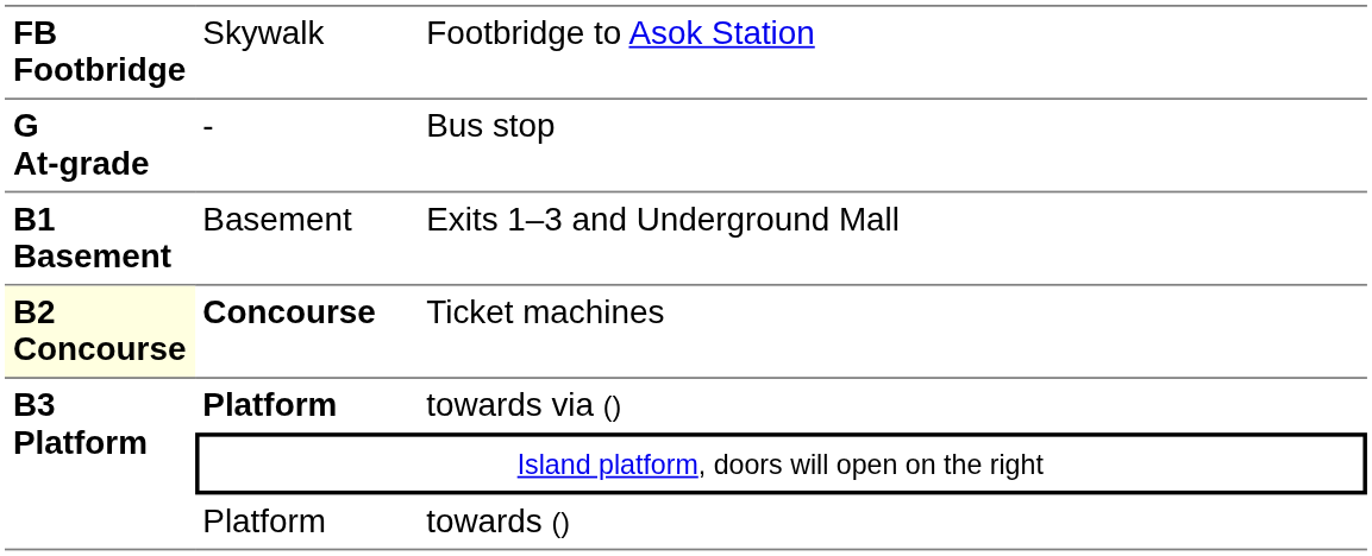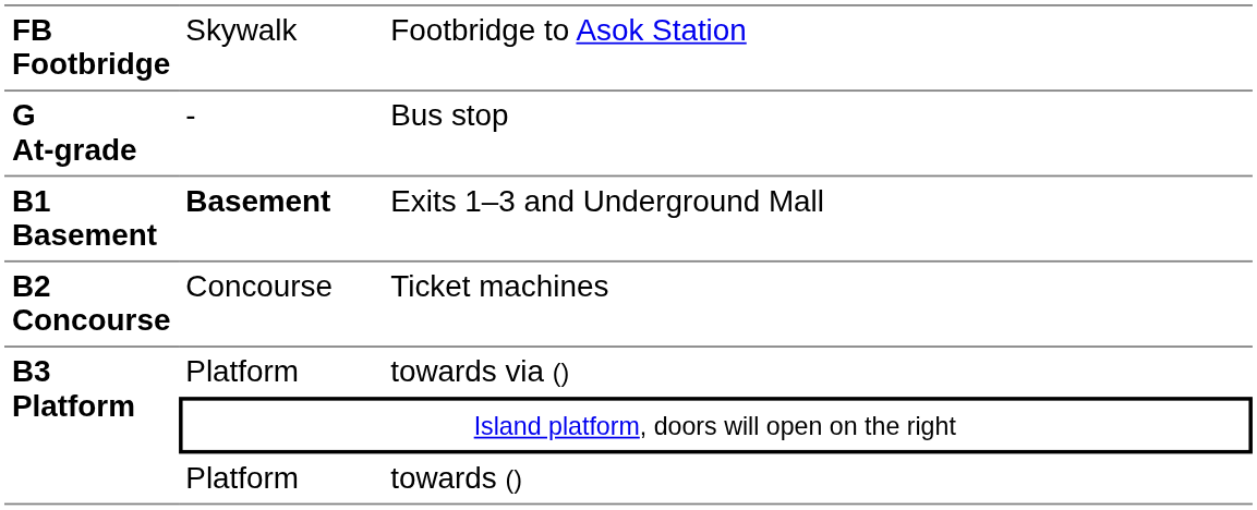 <table table border=0 cellspacing=0 cellpadding=4>
 <tr>
 <td style = "border-top:solid 1px gray;border-bottom:solid 1px gray;" valign=top><strong>FB<br>Footbridge<br></strong></td>
 <td style = "border-top:solid 1px gray;border-bottom:solid 1px gray;" valign=top>Skywalk</td>
 <td style = "border-top:solid 1px gray;border-bottom:solid 1px gray;" valign=top>Footbridge to <a href='#'>Asok Station</a></td>
 </tr>
 <tr>
 <td style = "border-bottom:solid 1px gray;" rowspan=1 valign=top><strong>G<br>At-grade<br></strong></td>
 <td style = "border-bottom:solid 1px gray;" valign=top>-</td>
 <td style = "border-bottom:solid 1px gray;" valign=top>Bus stop</td>
 </tr>
 <tr>
 <td style = "border-bottom:solid 1px gray;" rowspan=1 valign=top><strong>B1<br>Basement<br></strong></td>
-<td style = "border-bottom:solid 1px gray;" valign=top>Basement</td>
+<td style = "border-bottom:solid 1px gray;" valign=top><strong>Basement</strong></td>
 <td style = "border-bottom:solid 1px gray;" valign=top>Exits 1–3 and Underground Mall</td>
 </tr>
 <tr>
-<td style = "background: lightyellow; border-bottom:solid 1px gray;" rowspan=1 valign=top><strong>B2<br>Concourse<br></strong></td>
-<td style = "border-bottom:solid 1px gray;" valign=top><strong>Concourse</strong></td>
+<td style = "border-bottom:solid 1px gray;" rowspan=1 valign=top><strong>B2<br>Concourse<br></strong></td>
+<td style = "border-bottom:solid 1px gray;" valign=top>Concourse</td>
 <td style = "border-bottom:solid 1px gray;" valign=top>Ticket machines</td>
 </tr>
 <tr>
 <td style="border-bottom:solid 1px gray;" rowspan=3 valign=top width=50><strong>B3<br>Platform<br></strong></td>
-<td width=100><strong>Platform </strong></td>
+<td width=100>Platform </td>
 <td width=450> towards  via  <small>()</small></td>
 </tr>
 <tr>
 <td style = "border-top:solid 2px black;border-right:solid 2px black;border-left:solid 2px black;border-bottom:solid 2px black; text-align:center;" colspan=2><small><a href='#'>Island platform</a>, doors will open on the right</small></td>
 </tr>
 <tr>
 <td style="border-bottom:solid 1px gray;" width=100>Platform </td>
 <td style="border-bottom:solid 1px gray;" width=450> towards  <small>()</small></td>
 </tr>
 </table>
